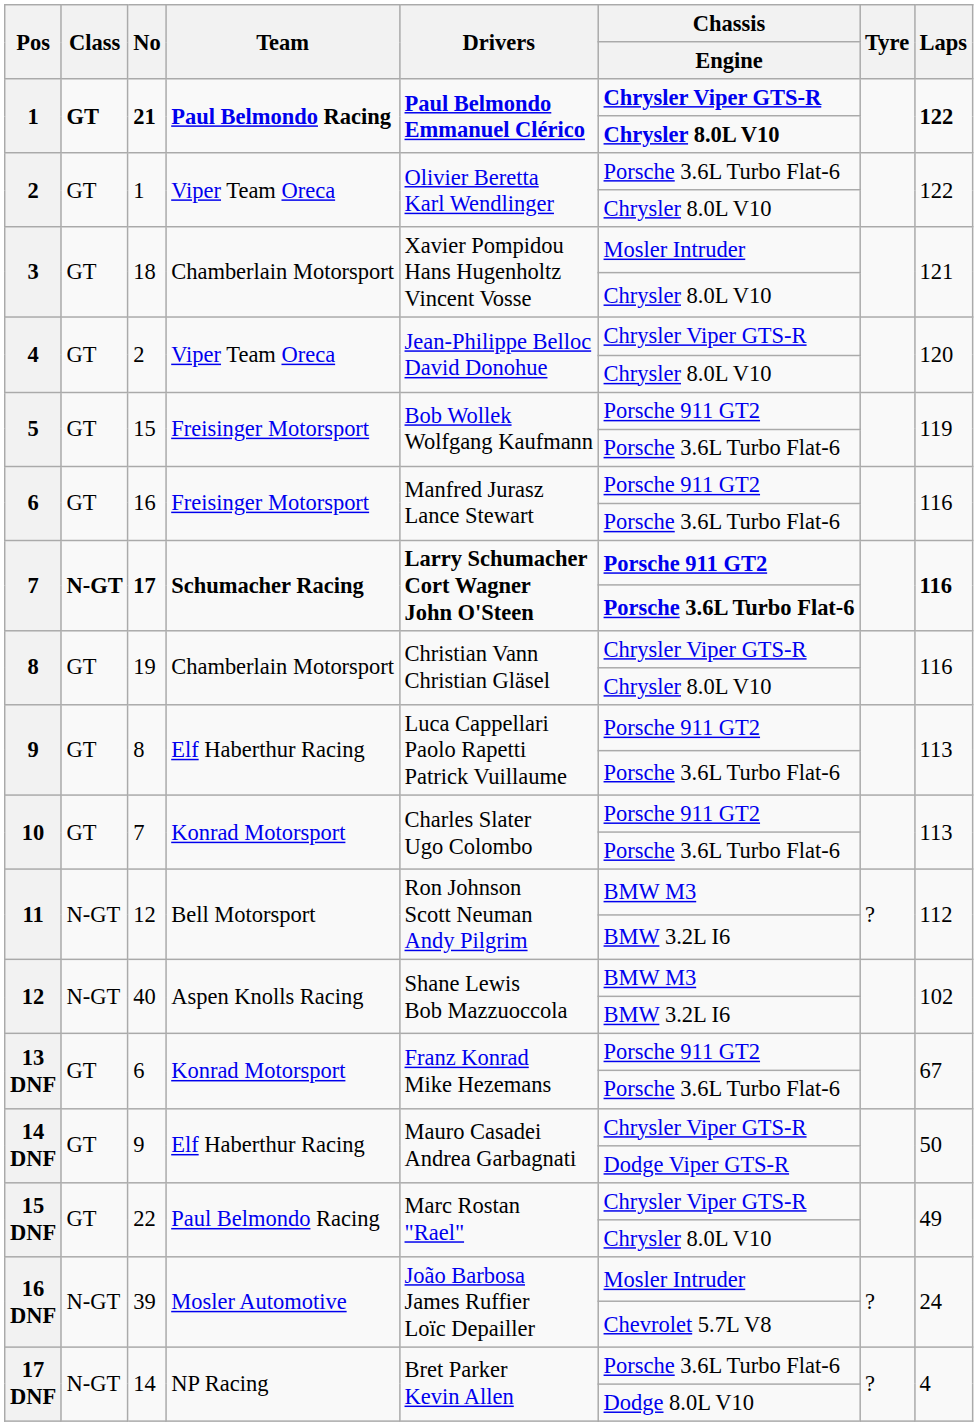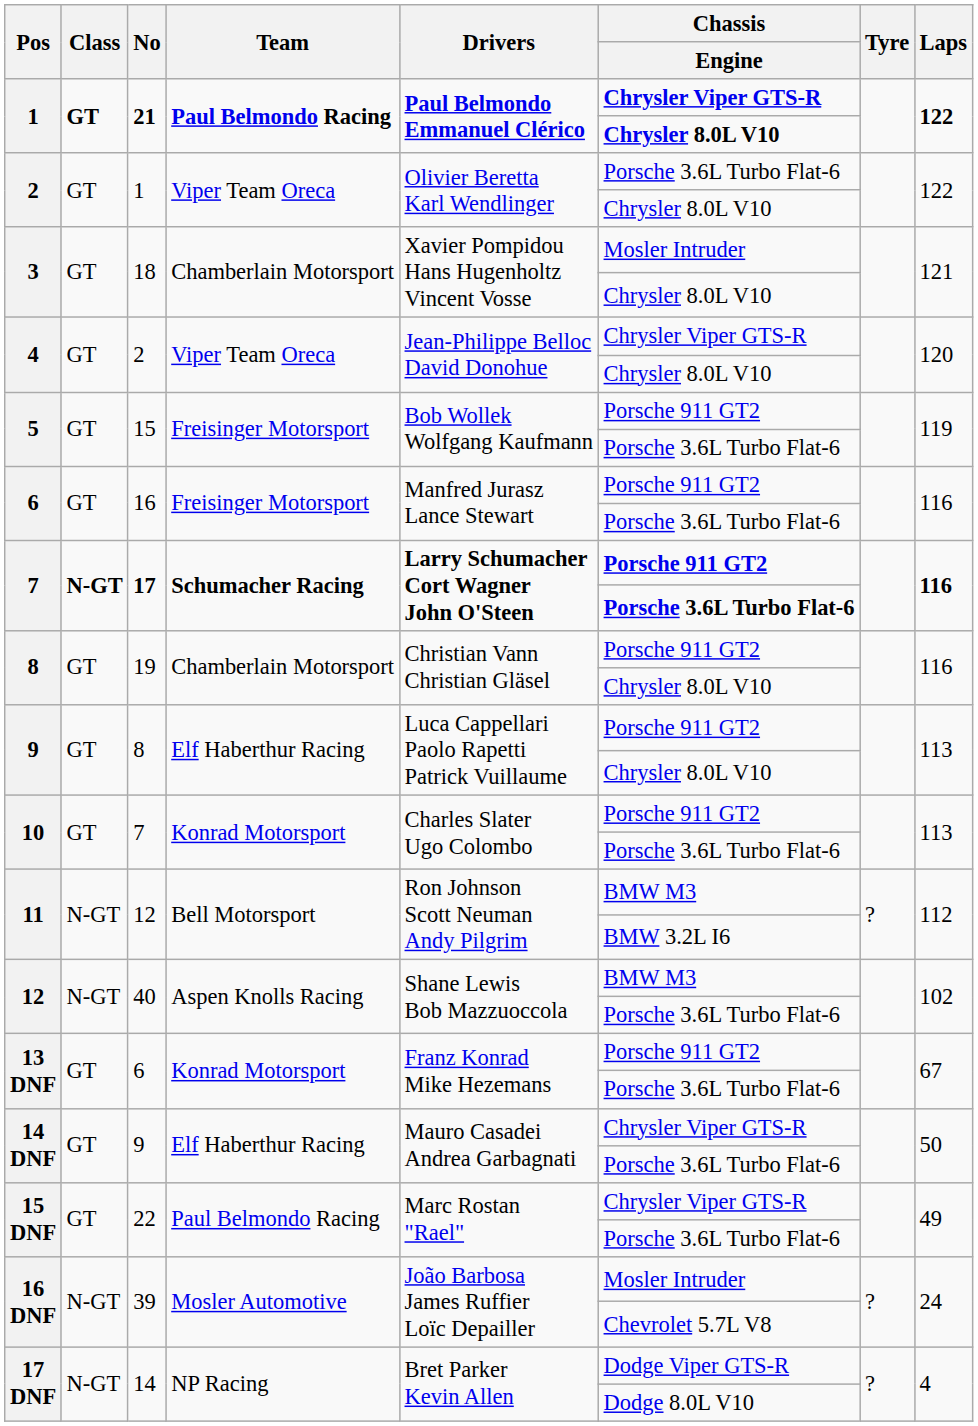 <table class="wikitable" style="font-size: 95%;">
 <tr>
 <th rowspan=2>Pos</th>
 <th rowspan=2>Class</th>
 <th rowspan=2>No</th>
 <th rowspan=2>Team</th>
 <th rowspan=2>Drivers</th>
 <th>Chassis</th>
 <th rowspan=2>Tyre</th>
 <th rowspan=2>Laps</th>
 </tr>
 <tr>
 <th>Engine</th>
 </tr>
 <tr style="font-weight:bold">
 <th rowspan=2>1</th>
 <td rowspan=2>GT</td>
 <td rowspan=2>21</td>
 <td rowspan=2> <a href='#'>Paul Belmondo</a> Racing</td>
 <td rowspan=2> <a href='#'>Paul Belmondo</a><br> <a href='#'>Emmanuel Clérico</a></td>
 <td><a href='#'>Chrysler Viper GTS-R</a></td>
 <td rowspan=2></td>
 <td rowspan=2>122</td>
 </tr>
 <tr style="font-weight:bold">
 <td><a href='#'>Chrysler</a> 8.0L V10</td>
 </tr>
 <tr>
 <th rowspan=2>2</th>
 <td rowspan=2>GT</td>
 <td rowspan=2>1</td>
 <td rowspan=2> <a href='#'>Viper</a> Team <a href='#'>Oreca</a></td>
 <td rowspan=2> <a href='#'>Olivier Beretta</a><br> <a href='#'>Karl Wendlinger</a></td>
 <td><a href='#'>Porsche</a> 3.6L Turbo Flat-6</td>
 <td rowspan=2></td>
 <td rowspan=2>122</td>
 </tr>
 <tr>
 <td><a href='#'>Chrysler</a> 8.0L V10</td>
 </tr>
 <tr>
 <th rowspan=2>3</th>
 <td rowspan=2>GT</td>
 <td rowspan=2>18</td>
 <td rowspan=2> Chamberlain Motorsport</td>
 <td rowspan=2> Xavier Pompidou<br> Hans Hugenholtz<br> Vincent Vosse</td>
 <td><a href='#'>Mosler Intruder</a></td>
 <td rowspan=2></td>
 <td rowspan=2>121</td>
 </tr>
 <tr>
 <td><a href='#'>Chrysler</a> 8.0L V10</td>
 </tr>
 <tr>
 <th rowspan=2>4</th>
 <td rowspan=2>GT</td>
 <td rowspan=2>2</td>
 <td rowspan=2> <a href='#'>Viper</a> Team <a href='#'>Oreca</a></td>
 <td rowspan=2> <a href='#'>Jean-Philippe Belloc</a><br> <a href='#'>David Donohue</a></td>
 <td><a href='#'>Chrysler Viper GTS-R</a></td>
 <td rowspan=2></td>
 <td rowspan=2>120</td>
 </tr>
 <tr>
 <td><a href='#'>Chrysler</a> 8.0L V10</td>
 </tr>
 <tr>
 <th rowspan=2>5</th>
 <td rowspan=2>GT</td>
 <td rowspan=2>15</td>
 <td rowspan=2> <a href='#'>Freisinger Motorsport</a></td>
 <td rowspan=2> <a href='#'>Bob Wollek</a><br> Wolfgang Kaufmann</td>
 <td><a href='#'>Porsche 911 GT2</a></td>
 <td rowspan=2></td>
 <td rowspan=2>119</td>
 </tr>
 <tr>
 <td><a href='#'>Porsche</a> 3.6L Turbo Flat-6</td>
 </tr>
 <tr>
 <th rowspan=2>6</th>
 <td rowspan=2>GT</td>
 <td rowspan=2>16</td>
 <td rowspan=2> <a href='#'>Freisinger Motorsport</a></td>
 <td rowspan=2> Manfred Jurasz<br> Lance Stewart</td>
 <td><a href='#'>Porsche 911 GT2</a></td>
 <td rowspan=2></td>
 <td rowspan=2>116</td>
 </tr>
 <tr>
 <td><a href='#'>Porsche</a> 3.6L Turbo Flat-6</td>
 </tr>
 <tr style="font-weight:bold">
 <th rowspan=2>7</th>
 <td rowspan=2>N-GT</td>
 <td rowspan=2>17</td>
 <td rowspan=2> Schumacher Racing</td>
 <td rowspan=2> Larry Schumacher<br> Cort Wagner<br> John O'Steen</td>
 <td><a href='#'>Porsche 911 GT2</a></td>
 <td rowspan=2></td>
 <td rowspan=2>116</td>
 </tr>
 <tr style="font-weight:bold">
 <td><a href='#'>Porsche</a> 3.6L Turbo Flat-6</td>
 </tr>
 <tr>
 <th rowspan=2>8</th>
 <td rowspan=2>GT</td>
 <td rowspan=2>19</td>
 <td rowspan=2> Chamberlain Motorsport</td>
 <td rowspan=2> Christian Vann<br> Christian Gläsel</td>
-<td><a href='#'>Chrysler Viper GTS-R</a></td>
+<td><a href='#'>Porsche 911 GT2</a></td>
 <td rowspan=2></td>
 <td rowspan=2>116</td>
 </tr>
 <tr>
 <td><a href='#'>Chrysler</a> 8.0L V10</td>
 </tr>
 <tr>
 <th rowspan=2>9</th>
 <td rowspan=2>GT</td>
 <td rowspan=2>8</td>
 <td rowspan=2> <a href='#'>Elf</a> Haberthur Racing</td>
 <td rowspan=2> Luca Cappellari<br> Paolo Rapetti<br> Patrick Vuillaume</td>
 <td><a href='#'>Porsche 911 GT2</a></td>
 <td rowspan=2></td>
 <td rowspan=2>113</td>
 </tr>
 <tr>
-<td><a href='#'>Porsche</a> 3.6L Turbo Flat-6</td>
+<td><a href='#'>Chrysler</a> 8.0L V10</td>
 </tr>
 <tr>
 <th rowspan=2>10</th>
 <td rowspan=2>GT</td>
 <td rowspan=2>7</td>
 <td rowspan=2> <a href='#'>Konrad Motorsport</a></td>
 <td rowspan=2> Charles Slater<br> Ugo Colombo</td>
 <td><a href='#'>Porsche 911 GT2</a></td>
 <td rowspan=2></td>
 <td rowspan=2>113</td>
 </tr>
 <tr>
 <td><a href='#'>Porsche</a> 3.6L Turbo Flat-6</td>
 </tr>
 <tr>
 <th rowspan=2>11</th>
 <td rowspan=2>N-GT</td>
 <td rowspan=2>12</td>
 <td rowspan=2> Bell Motorsport</td>
 <td rowspan=2> Ron Johnson<br> Scott Neuman<br> <a href='#'>Andy Pilgrim</a></td>
 <td><a href='#'>BMW M3</a></td>
 <td rowspan=2>?</td>
 <td rowspan=2>112</td>
 </tr>
 <tr>
 <td><a href='#'>BMW</a> 3.2L I6</td>
 </tr>
 <tr>
 <th rowspan=2>12</th>
 <td rowspan=2>N-GT</td>
 <td rowspan=2>40</td>
 <td rowspan=2> Aspen Knolls Racing</td>
 <td rowspan=2> Shane Lewis<br> Bob Mazzuoccola</td>
 <td><a href='#'>BMW M3</a></td>
 <td rowspan=2></td>
 <td rowspan=2>102</td>
 </tr>
 <tr>
-<td><a href='#'>BMW</a> 3.2L I6</td>
+<td><a href='#'>Porsche</a> 3.6L Turbo Flat-6</td>
 </tr>
 <tr>
 <th rowspan=2>13<br>DNF</th>
 <td rowspan=2>GT</td>
 <td rowspan=2>6</td>
 <td rowspan=2> <a href='#'>Konrad Motorsport</a></td>
 <td rowspan=2> <a href='#'>Franz Konrad</a><br> Mike Hezemans</td>
 <td><a href='#'>Porsche 911 GT2</a></td>
 <td rowspan=2></td>
 <td rowspan=2>67</td>
 </tr>
 <tr>
 <td><a href='#'>Porsche</a> 3.6L Turbo Flat-6</td>
 </tr>
 <tr>
 <th rowspan=2>14<br>DNF</th>
 <td rowspan=2>GT</td>
 <td rowspan=2>9</td>
 <td rowspan=2> <a href='#'>Elf</a> Haberthur Racing</td>
 <td rowspan=2> Mauro Casadei<br> Andrea Garbagnati</td>
 <td><a href='#'>Chrysler Viper GTS-R</a></td>
 <td rowspan=2></td>
 <td rowspan=2>50</td>
 </tr>
 <tr>
-<td><a href='#'>Dodge Viper GTS-R</a></td>
+<td><a href='#'>Porsche</a> 3.6L Turbo Flat-6</td>
 </tr>
 <tr>
 <th rowspan=2>15<br>DNF</th>
 <td rowspan=2>GT</td>
 <td rowspan=2>22</td>
 <td rowspan=2> <a href='#'>Paul Belmondo</a> Racing</td>
 <td rowspan=2> Marc Rostan<br> <a href='#'>"Rael"</a></td>
 <td><a href='#'>Chrysler Viper GTS-R</a></td>
 <td rowspan=2></td>
 <td rowspan=2>49</td>
 </tr>
 <tr>
-<td><a href='#'>Chrysler</a> 8.0L V10</td>
+<td><a href='#'>Porsche</a> 3.6L Turbo Flat-6</td>
 </tr>
 <tr>
 <th rowspan=2>16<br>DNF</th>
 <td rowspan=2>N-GT</td>
 <td rowspan=2>39</td>
 <td rowspan=2> <a href='#'>Mosler Automotive</a></td>
 <td rowspan=2> <a href='#'>João Barbosa</a><br> James Ruffier<br> Loïc Depailler</td>
 <td><a href='#'>Mosler Intruder</a></td>
 <td rowspan=2>?</td>
 <td rowspan=2>24</td>
 </tr>
 <tr>
 <td><a href='#'>Chevrolet</a> 5.7L V8</td>
 </tr>
 <tr>
 <th rowspan=2>17<br>DNF</th>
 <td rowspan=2>N-GT</td>
 <td rowspan=2>14</td>
 <td rowspan=2> NP Racing</td>
 <td rowspan=2> Bret Parker<br> <a href='#'>Kevin Allen</a></td>
-<td><a href='#'>Porsche</a> 3.6L Turbo Flat-6</td>
+<td><a href='#'>Dodge Viper GTS-R</a></td>
 <td rowspan=2>?</td>
 <td rowspan=2>4</td>
 </tr>
 <tr>
 <td><a href='#'>Dodge</a> 8.0L V10</td>
 </tr>
 </table>
